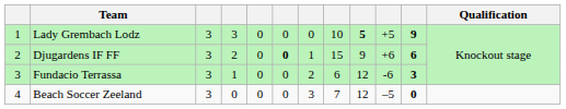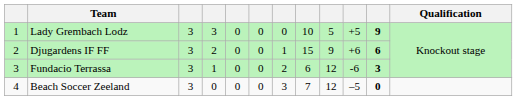 <table class="wikitable" style="font-size: 95%">
 <tr>
 <th width="25"></th>
 <th width="200">Team</th>
 <th width="25"></th>
 <th width="25"></th>
 <th width="25"></th>
 <th width="25"></th>
 <th width="25"></th>
 <th width="25"></th>
 <th width="25"></th>
 <th width="25"></th>
 <th width="25"></th>
 <th width="160">Qualification</th>
 </tr>
 <tr align=center bgcolor=#bbf3bb>
 <td>1</td>
 <td align=left> Lady Grembach Lodz</td>
 <td>3</td>
 <td>3</td>
 <td>0</td>
 <td>0</td>
 <td>0</td>
 <td>10</td>
-<td><strong>5</strong></td>
+<td>5</td>
 <td>+5</td>
 <td><strong>9</strong></td>
 <td rowspan=3>Knockout stage</td>
 </tr>
 <tr align=center bgcolor=#bbf3bb>
 <td>2</td>
 <td align=left> Djugardens IF FF</td>
 <td>3</td>
 <td>2</td>
 <td>0</td>
-<td><strong>0</strong></td>
+<td>0</td>
 <td>1</td>
 <td>15</td>
 <td>9</td>
 <td>+6</td>
 <td><strong>6</strong></td>
 </tr>
 <tr align=center bgcolor=#bbf3bb>
 <td>3</td>
 <td align=left> Fundacio Terrassa</td>
 <td>3</td>
 <td>1</td>
 <td>0</td>
 <td>0</td>
 <td>2</td>
 <td>6</td>
 <td>12</td>
 <td>-6</td>
 <td><strong>3</strong></td>
 </tr>
 <tr align=center>
 <td>4</td>
 <td align=left> Beach Soccer Zeeland</td>
 <td>3</td>
 <td>0</td>
 <td>0</td>
 <td>0</td>
 <td>3</td>
 <td>7</td>
 <td>12</td>
 <td>–5</td>
 <td><strong>0</strong></td>
 <td></td>
 </tr>
 </table>
